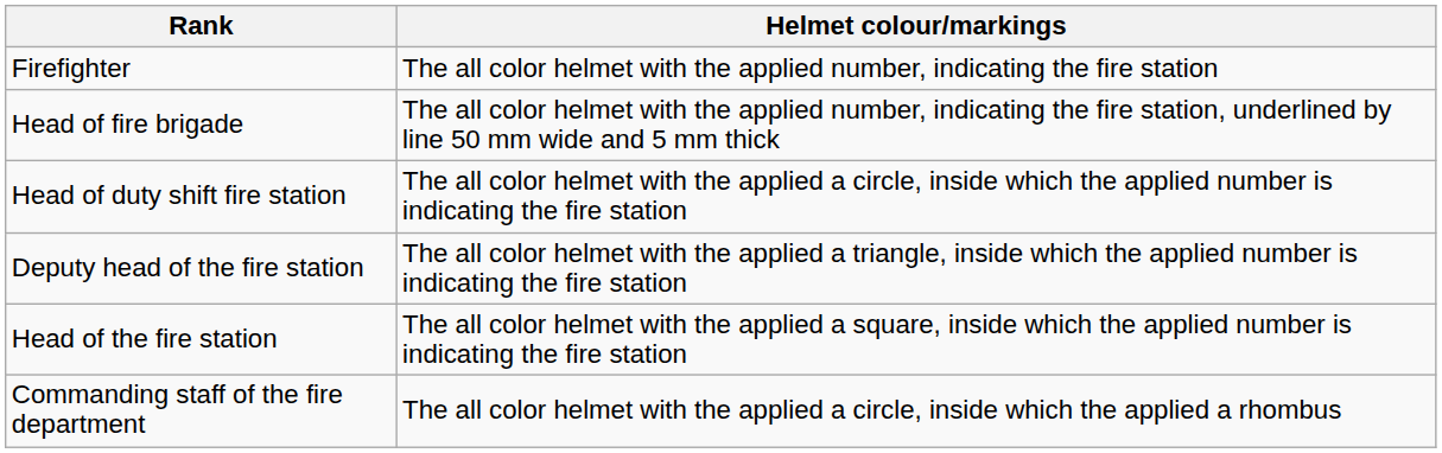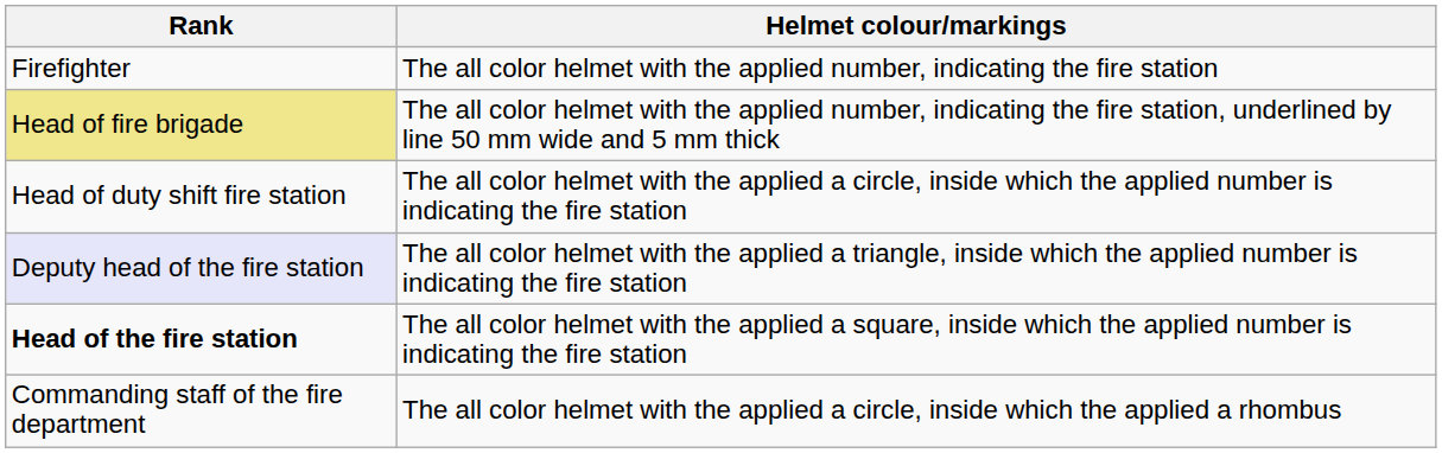 <table class="wikitable">
 <tr>
 <th>Rank</th>
 <th>Helmet colour/markings</th>
 </tr>
 <tr>
 <td>Firefighter</td>
 <td>The all color helmet with the applied number, indicating the fire station</td>
 </tr>
 <tr>
-<td>Head of fire brigade</td>
+<td style="background: khaki;">Head of fire brigade</td>
 <td>The all color helmet with the applied number, indicating the fire station, underlined by line 50 mm wide and 5 mm thick</td>
 </tr>
 <tr>
 <td>Head of duty shift fire station</td>
 <td>The all color helmet with the applied a circle, inside which the applied number is indicating the fire station</td>
 </tr>
 <tr>
-<td>Deputy head of the fire station</td>
+<td style="background: lavender;">Deputy head of the fire station</td>
 <td>The all color helmet with the applied a triangle, inside which the applied number is indicating the fire station</td>
 </tr>
 <tr>
-<td>Head of the fire station</td>
+<td><strong>Head of the fire station</strong></td>
 <td>The all color helmet with the applied a square, inside which the applied number is indicating the fire station</td>
 </tr>
 <tr>
 <td>Commanding staff of the fire department</td>
 <td>The all color helmet with the applied a circle, inside which the applied a rhombus</td>
 </tr>
 </table>
